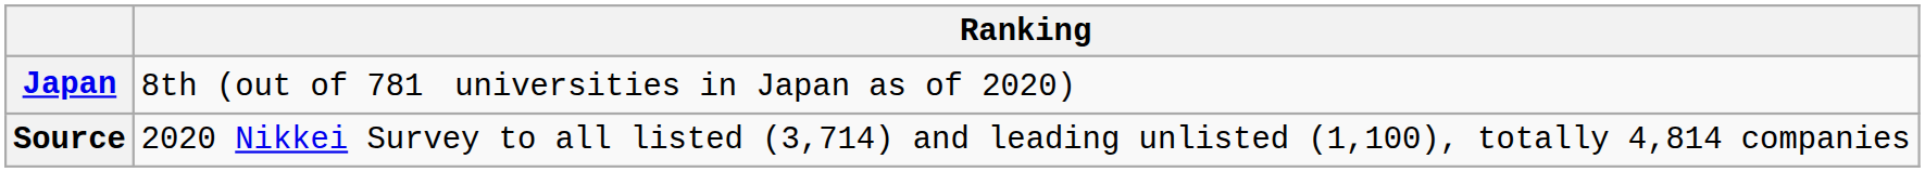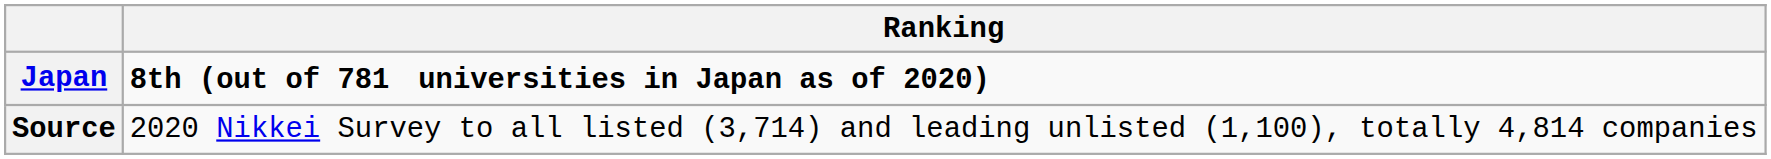 <table class="wikitable">
 <tr>
 <th></th>
 <th>Ranking</th>
 </tr>
 <tr>
 <th><a href='#'>Japan</a></th>
-<td>8th (out of 781　universities in Japan as of 2020)</td>
+<td><strong>8th (out of 781　universities in Japan as of 2020)</strong></td>
 </tr>
 <tr>
 <th>Source</th>
 <td>2020 <a href='#'>Nikkei</a> Survey to all listed (3,714) and leading unlisted (1,100), totally 4,814 companies</td>
 </tr>
 </table>
